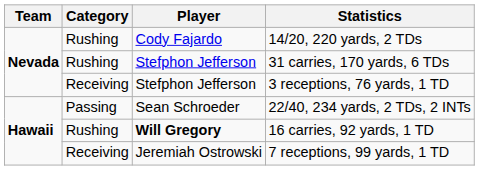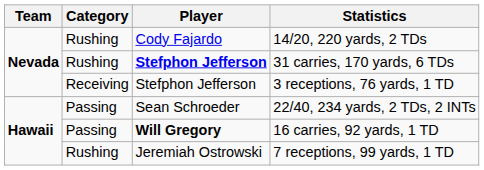 <table class="wikitable" style="float: left;">
 <tr>
 <th>Team</th>
 <th>Category</th>
 <th>Player</th>
 <th>Statistics</th>
 </tr>
 <tr>
 <td rowspan=3><strong>Nevada</strong></td>
 <td>Rushing</td>
 <td><a href='#'>Cody Fajardo</a></td>
 <td>14/20, 220 yards, 2 TDs</td>
 </tr>
 <tr>
 <td>Rushing</td>
-<td><a href='#'>Stefphon Jefferson</a></td>
+<td><strong><a href='#'>Stefphon Jefferson</a></strong></td>
 <td>31 carries, 170 yards, 6 TDs</td>
 </tr>
 <tr>
 <td>Receiving</td>
 <td>Stefphon Jefferson</td>
 <td>3 receptions, 76 yards, 1 TD</td>
 </tr>
 <tr>
 <td rowspan=3><strong>Hawaii</strong></td>
 <td>Passing</td>
 <td>Sean Schroeder</td>
 <td>22/40, 234 yards, 2 TDs, 2 INTs</td>
 </tr>
 <tr>
-<td>Rushing</td>
+<td>Passing</td>
 <td><strong>Will Gregory</strong></td>
 <td>16 carries, 92 yards, 1 TD</td>
 </tr>
 <tr>
-<td>Receiving</td>
+<td>Rushing</td>
 <td>Jeremiah Ostrowski</td>
 <td>7 receptions, 99 yards, 1 TD</td>
 </tr>
 </table>
